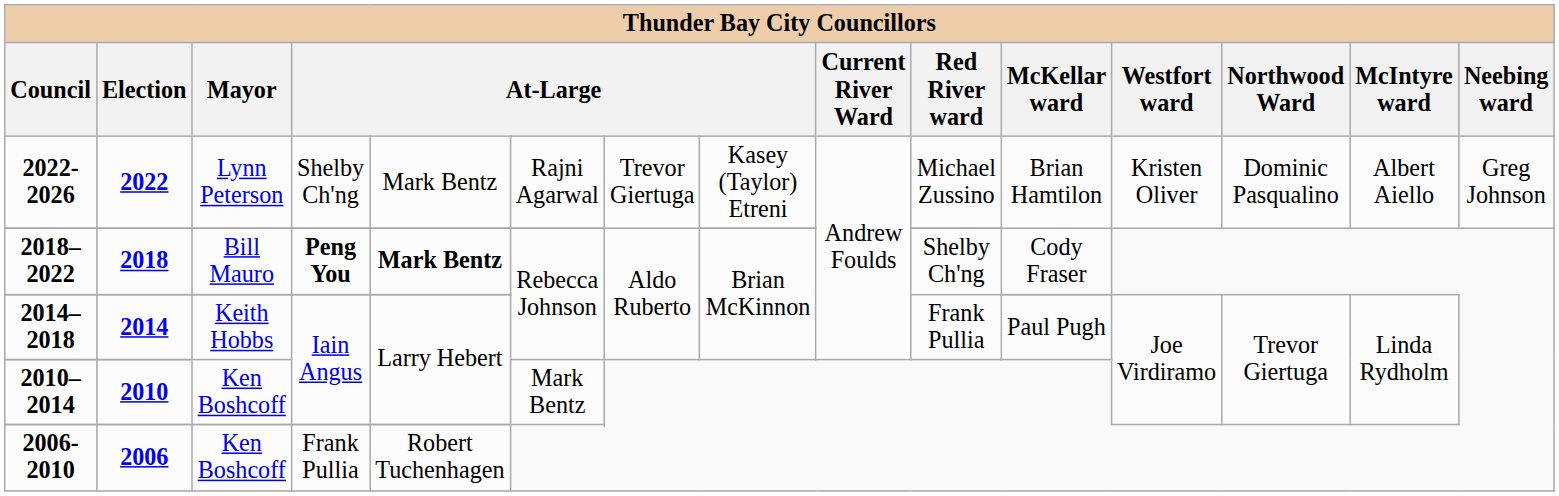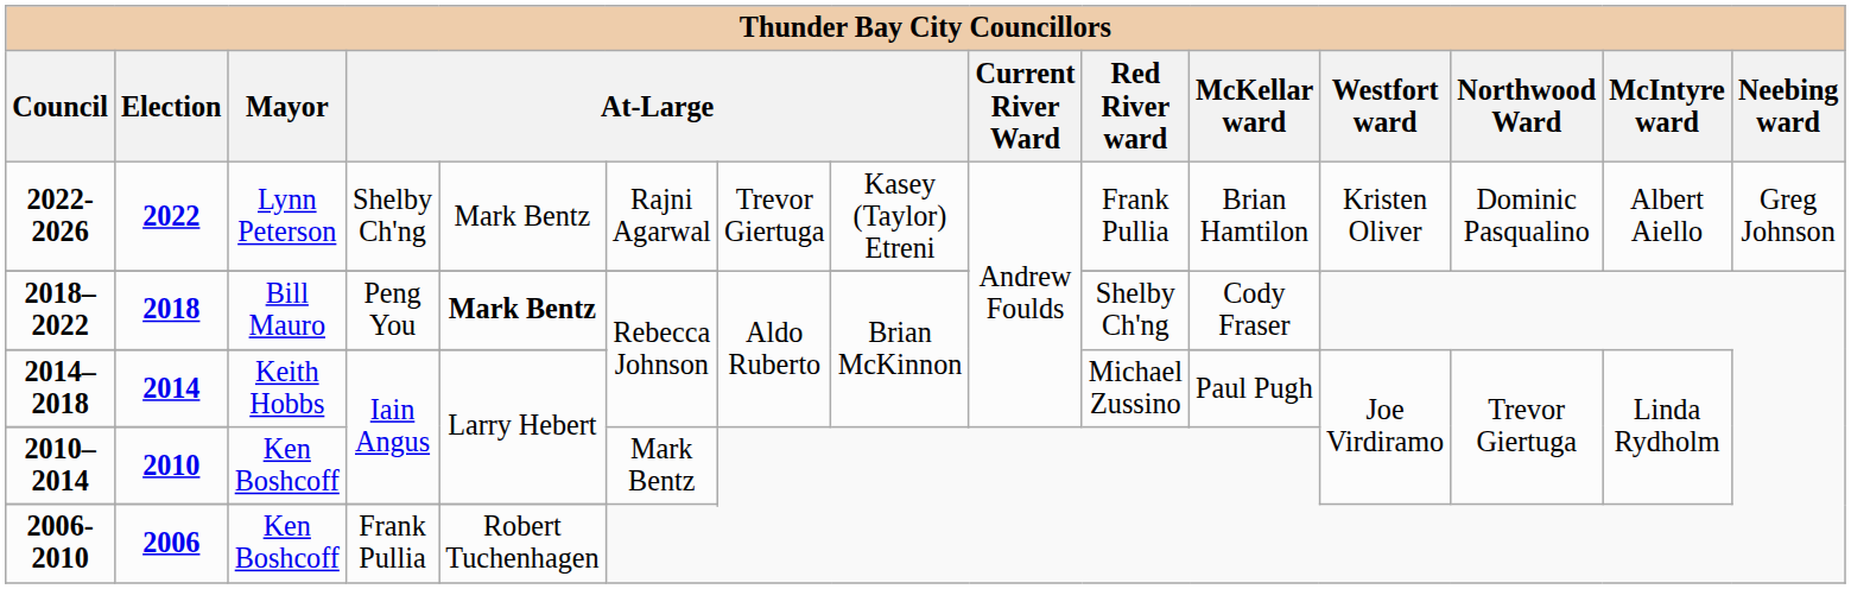 <table class="wikitable">
 <tr>
 <th colspan="15" style="background:#eecdab; text-align:center;"><strong>Thunder Bay City Councillors</strong></th>
 </tr>
 <tr style="background:#ffffff">
 <th style="width:200px;">Council</th>
 <th style="width:200px;">Election</th>
 <th style="width:200px;">Mayor</th>
 <th colspan="5" style="width:200px;">At-Large</th>
 <th style="width:200px;">Current River Ward</th>
 <th style="width:200px;">Red River ward</th>
 <th style="width:200px;">McKellar ward</th>
 <th style="width:200px;">Westfort ward</th>
 <th style="width:200px;">Northwood Ward</th>
 <th style="width:200px;">McIntyre ward</th>
 <th style="width:200px;">Neebing ward</th>
 </tr>
 <tr style="text-align:center; background:#fcfcfc;">
 <td><strong>2022-2026</strong></td>
 <td><strong><a href='#'>2022</a></strong></td>
 <td><a href='#'>Lynn Peterson</a></td>
 <td>Shelby Ch'ng</td>
 <td>Mark Bentz</td>
 <td>Rajni Agarwal</td>
 <td rowspan="2">Trevor Giertuga</td>
 <td>Kasey (Taylor) Etreni</td>
 <td rowspan="5">Andrew Foulds</td>
-<td>Michael Zussino</td>
+<td>Frank Pullia</td>
 <td rowspan="2">Brian Hamtilon</td>
 <td rowspan="2">Kristen Oliver</td>
 <td>Dominic Pasqualino</td>
 <td rowspan="2">Albert Aiello</td>
 <td>Greg Johnson</td>
 </tr>
 <tr style="text-align:center; background:#919098;">
 </tr>
 <tr style="text-align:center; background:#fcfcfc;">
 <td><strong>2018–2022</strong></td>
 <td><strong><a href='#'>2018</a></strong></td>
 <td><a href='#'>Bill Mauro</a></td>
-<td><strong>Peng You</strong></td>
+<td>Peng You</td>
 <td><strong>Mark Bentz</strong></td>
 <td rowspan="4">Rebecca Johnson</td>
 <td rowspan="4">Aldo Ruberto</td>
 <td rowspan="4">Brian McKinnon</td>
 <td rowspan="2">Shelby Ch'ng</td>
 <td>Cody Fraser</td>
 </tr>
 <tr style="text-align:center; background:#919098;">
 </tr>
 <tr style="text-align:center; background:#fcfcfc;">
 <td><strong>2014–2018</strong></td>
 <td><strong><a href='#'>2014</a></strong></td>
 <td rowspan="2"><a href='#'>Keith Hobbs</a></td>
 <td rowspan="3"><a href='#'>Iain Angus</a></td>
 <td rowspan="3">Larry Hebert</td>
-<td>Frank Pullia</td>
+<td>Michael Zussino</td>
 <td rowspan="2">Paul Pugh</td>
 <td rowspan="3">Joe Virdiramo</td>
 <td rowspan="3">Trevor Giertuga</td>
 <td rowspan="3">Linda Rydholm</td>
 </tr>
 <tr style="text-align:center; background:#919098;">
 </tr>
 <tr style="text-align:center; background:#fcfcfc;">
 <td><strong>2010–2014</strong></td>
 <td><strong><a href='#'>2010</a></strong></td>
 <td><a href='#'>Ken Boshcoff</a></td>
 <td rowspan="2">Mark Bentz</td>
 </tr>
 <tr style="text-align:center; background:#919098;">
 </tr>
 <tr style="text-align:center; background:#fcfcfc;">
 <td><strong>2006-2010</strong></td>
 <td><strong><a href='#'>2006</a></strong></td>
 <td><a href='#'>Ken Boshcoff</a></td>
 <td>Frank Pullia</td>
 <td>Robert Tuchenhagen</td>
 </tr>
 </table>
